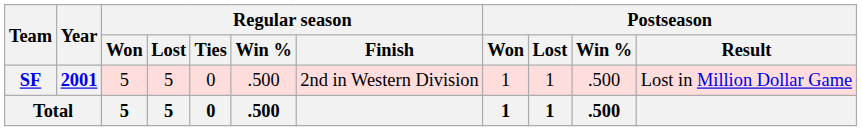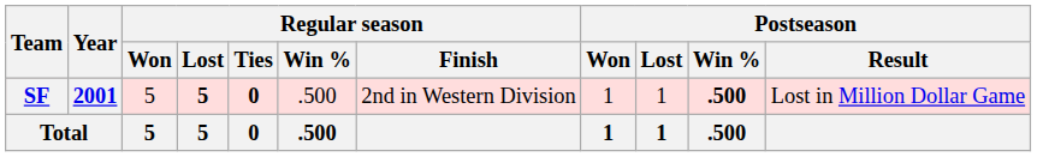 <table class="wikitable" style="font-size: 95%; text-align:center;">
 <tr>
 <th rowspan="2">Team</th>
 <th rowspan="2">Year</th>
 <th colspan="5">Regular season</th>
 <th colspan="4">Postseason</th>
 </tr>
 <tr>
 <th>Won</th>
 <th>Lost</th>
 <th>Ties</th>
 <th>Win %</th>
 <th>Finish</th>
 <th>Won</th>
 <th>Lost</th>
 <th>Win %</th>
 <th>Result</th>
 </tr>
 <tr ! style="background:#fdd;">
 <th><a href='#'>SF</a></th>
 <th><a href='#'>2001</a></th>
 <td>5</td>
-<td>5</td>
-<td>0</td>
+<td><strong>5</strong></td>
+<td><strong>0</strong></td>
 <td>.500</td>
 <td>2nd in Western Division</td>
 <td>1</td>
 <td>1</td>
-<td>.500</td>
+<td><strong>.500</strong></td>
 <td>Lost in <a href='#'>Million Dollar Game</a></td>
 </tr>
 <tr>
 <th colspan="2">Total</th>
 <th>5</th>
 <th>5</th>
 <th>0</th>
 <th>.500</th>
 <th></th>
 <th>1</th>
 <th>1</th>
 <th>.500</th>
 <th></th>
 </tr>
 </table>
